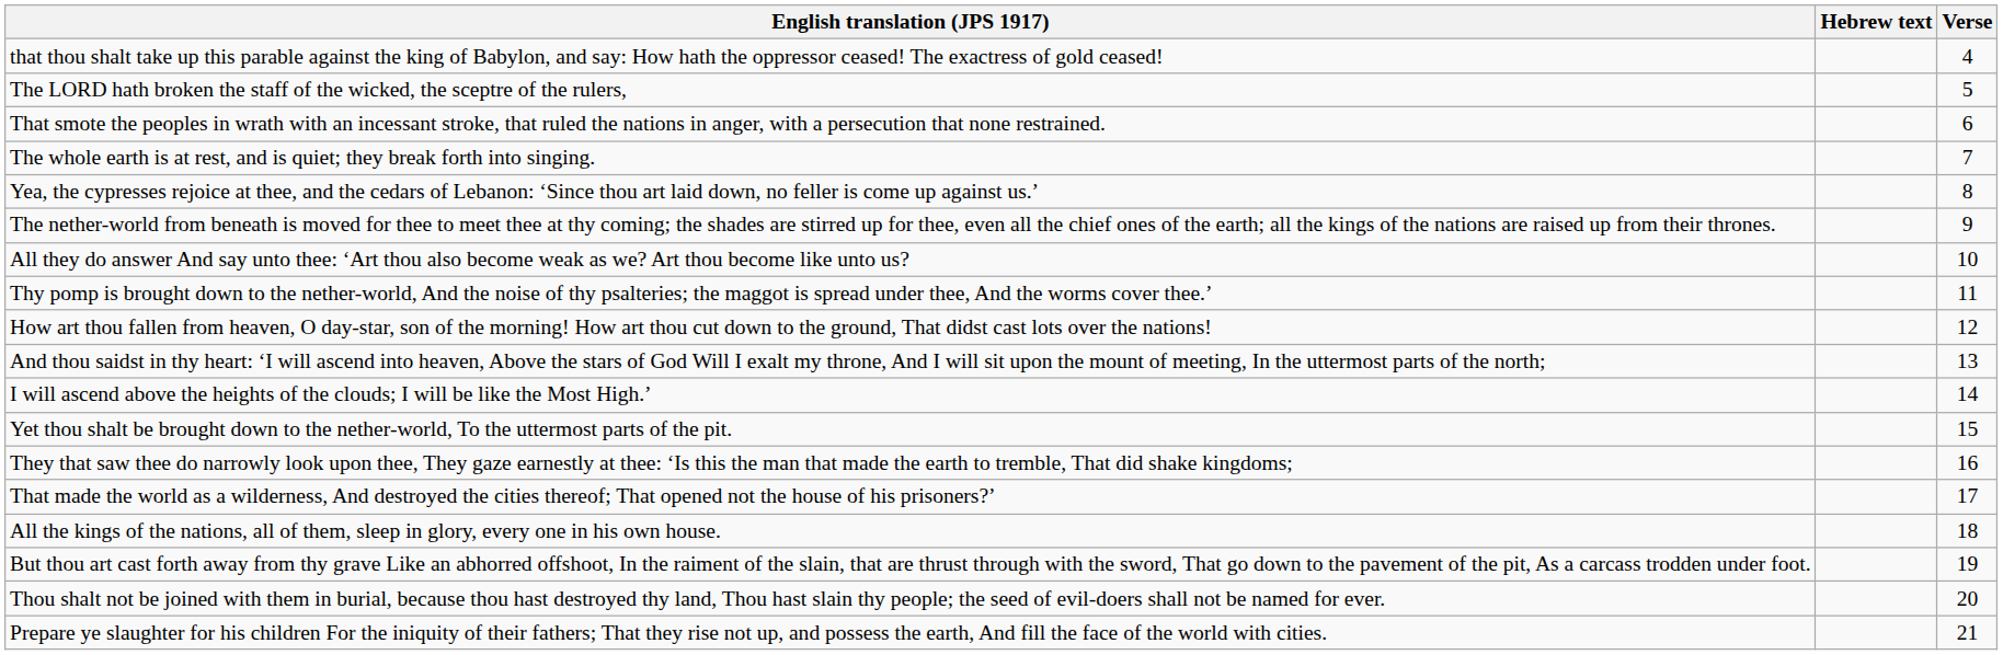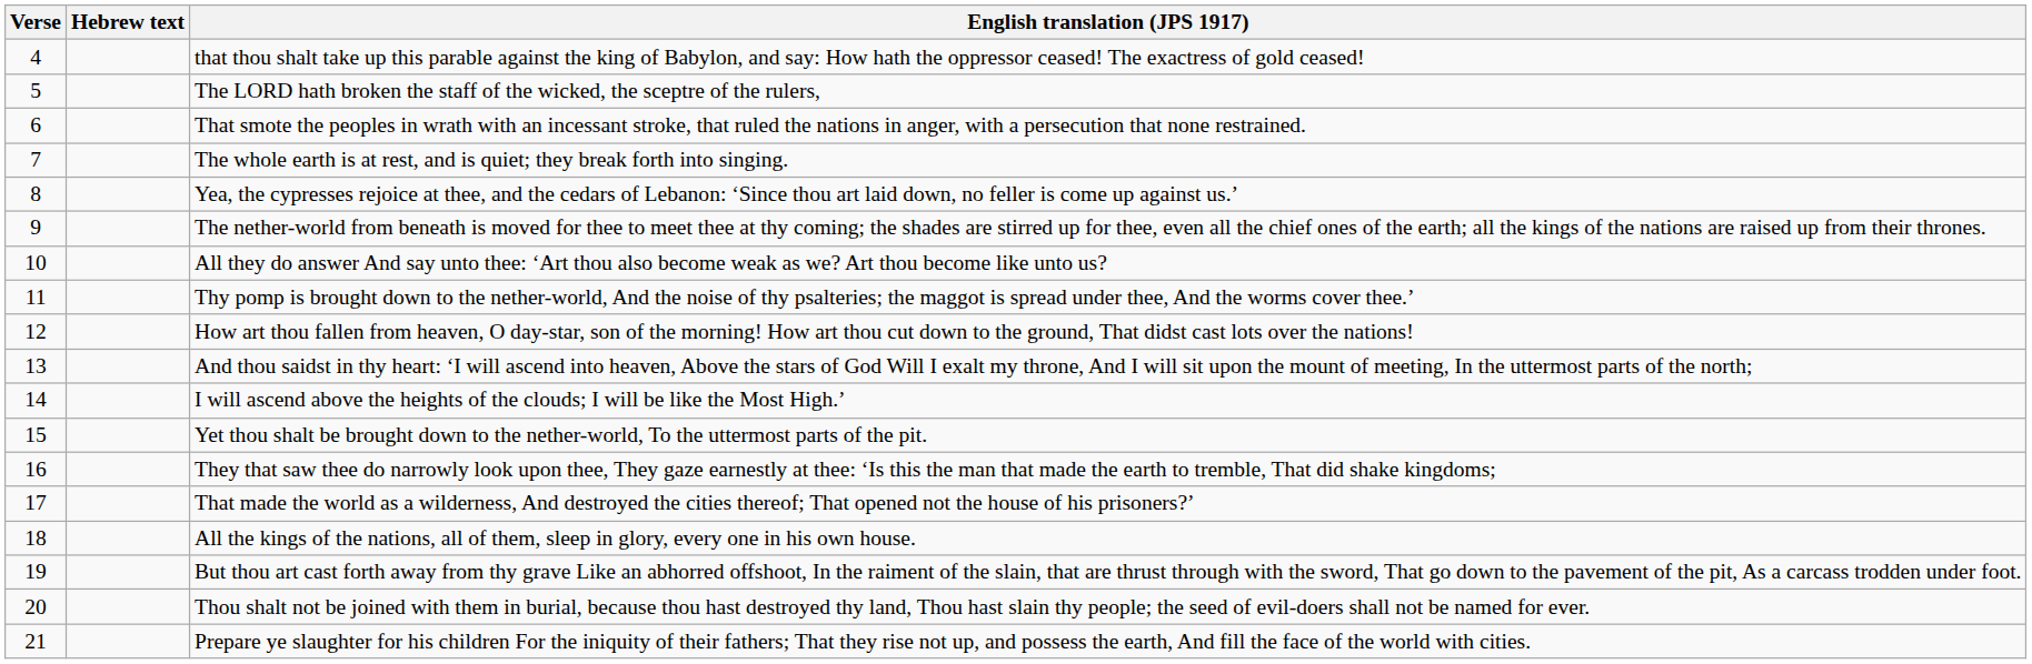 <table class="wikitable">
 <tr>
+<th>Verse</th>
+<th>Hebrew text</th>
 <th>English translation (JPS 1917)</th>
-<th>Hebrew text</th>
-<th>Verse</th>
 </tr>
 <tr>
+<td align="center">4</td>
+<td align="right"></td>
 <td>that thou shalt take up this parable against the king of Babylon, and say: How hath the oppressor ceased! The exactress of gold ceased!</td>
-<td align="right"></td>
-<td align="center">4</td>
 </tr>
 <tr>
+<td align="center">5</td>
+<td align="right"></td>
 <td>The LORD hath broken the staff of the wicked, the sceptre of the rulers,</td>
-<td align="right"></td>
-<td align="center">5</td>
 </tr>
 <tr>
+<td align="center">6</td>
+<td align="right"></td>
 <td>That smote the peoples in wrath with an incessant stroke, that ruled the nations in anger, with a persecution that none restrained.</td>
-<td align="right"></td>
-<td align="center">6</td>
 </tr>
 <tr>
+<td align="center">7</td>
+<td align="right"></td>
 <td>The whole earth is at rest, and is quiet; they break forth into singing.</td>
-<td align="right"></td>
-<td align="center">7</td>
 </tr>
 <tr>
+<td align="center">8</td>
+<td align="right"></td>
 <td>Yea, the cypresses rejoice at thee, and the cedars of Lebanon: ‘Since thou art laid down, no feller is come up against us.’</td>
-<td align="right"></td>
-<td align="center">8</td>
 </tr>
 <tr>
+<td align="center">9</td>
+<td align="right"></td>
 <td>The nether-world from beneath is moved for thee to meet thee at thy coming; the shades are stirred up for thee, even all the chief ones of the earth; all the kings of the nations are raised up from their thrones.</td>
-<td align="right"></td>
-<td align="center">9</td>
 </tr>
 <tr>
+<td align="center">10</td>
+<td align="right"></td>
 <td>All they do answer And say unto thee: ‘Art thou also become weak as we? Art thou become like unto us?</td>
-<td align="right"></td>
-<td align="center">10</td>
 </tr>
 <tr>
+<td align="center">11</td>
+<td align="right"></td>
 <td>Thy pomp is brought down to the nether-world, And the noise of thy psalteries; the maggot is spread under thee, And the worms cover thee.’</td>
-<td align="right"></td>
-<td align="center">11</td>
 </tr>
 <tr>
+<td align="center">12</td>
+<td align="right"></td>
 <td>How art thou fallen from heaven, O day-star, son of the morning! How art thou cut down to the ground, That didst cast lots over the nations!</td>
-<td align="right"></td>
-<td align="center">12</td>
 </tr>
 <tr>
+<td align="center">13</td>
+<td align="right"></td>
 <td>And thou saidst in thy heart: ‘I will ascend into heaven, Above the stars of God Will I exalt my throne, And I will sit upon the mount of meeting, In the uttermost parts of the north;</td>
-<td align="right"></td>
-<td align="center">13</td>
 </tr>
 <tr>
+<td align="center">14</td>
+<td align="right"></td>
 <td>I will ascend above the heights of the clouds; I will be like the Most High.’</td>
-<td align="right"></td>
-<td align="center">14</td>
 </tr>
 <tr>
+<td align="center">15</td>
+<td align="right"></td>
 <td>Yet thou shalt be brought down to the nether-world, To the uttermost parts of the pit.</td>
-<td align="right"></td>
-<td align="center">15</td>
 </tr>
 <tr>
+<td align="center">16</td>
+<td align="right"></td>
 <td>They that saw thee do narrowly look upon thee, They gaze earnestly at thee: ‘Is this the man that made the earth to tremble, That did shake kingdoms;</td>
-<td align="right"></td>
-<td align="center">16</td>
 </tr>
 <tr>
+<td align="center">17</td>
+<td align="right"></td>
 <td>That made the world as a wilderness, And destroyed the cities thereof; That opened not the house of his prisoners?’</td>
-<td align="right"></td>
-<td align="center">17</td>
 </tr>
 <tr>
+<td align="center">18</td>
+<td align="right"></td>
 <td>All the kings of the nations, all of them, sleep in glory, every one in his own house.</td>
-<td align="right"></td>
-<td align="center">18</td>
 </tr>
 <tr>
+<td align="center">19</td>
+<td align="right"></td>
 <td>But thou art cast forth away from thy grave Like an abhorred offshoot, In the raiment of the slain, that are thrust through with the sword, That go down to the pavement of the pit, As a carcass trodden under foot.</td>
-<td align="right"></td>
-<td align="center">19</td>
 </tr>
 <tr>
+<td align="center">20</td>
+<td align="right"></td>
 <td>Thou shalt not be joined with them in burial, because thou hast destroyed thy land, Thou hast slain thy people; the seed of evil-doers shall not be named for ever.</td>
-<td align="right"></td>
-<td align="center">20</td>
 </tr>
 <tr>
+<td align="center">21</td>
+<td align="right"></td>
 <td>Prepare ye slaughter for his children For the iniquity of their fathers; That they rise not up, and possess the earth, And fill the face of the world with cities.</td>
-<td align="right"></td>
-<td align="center">21</td>
 </tr>
 </table>
